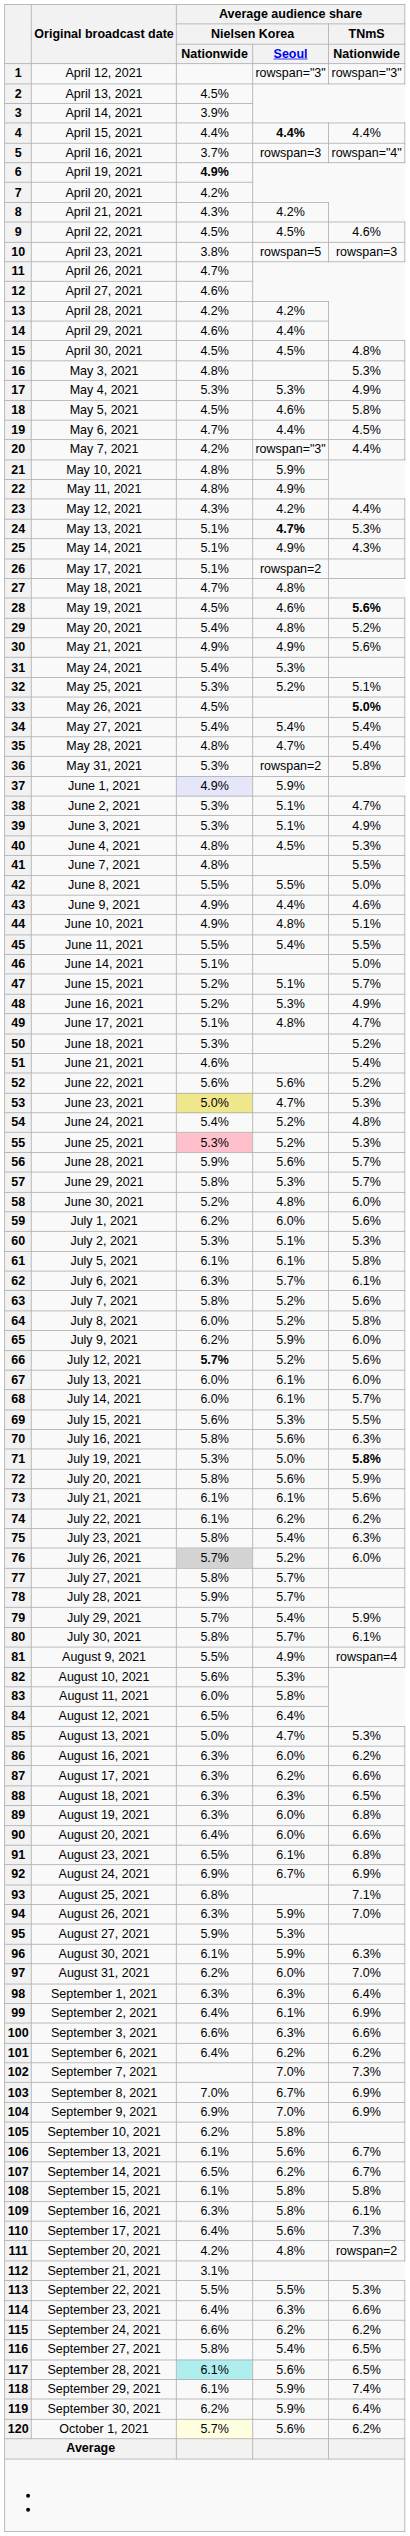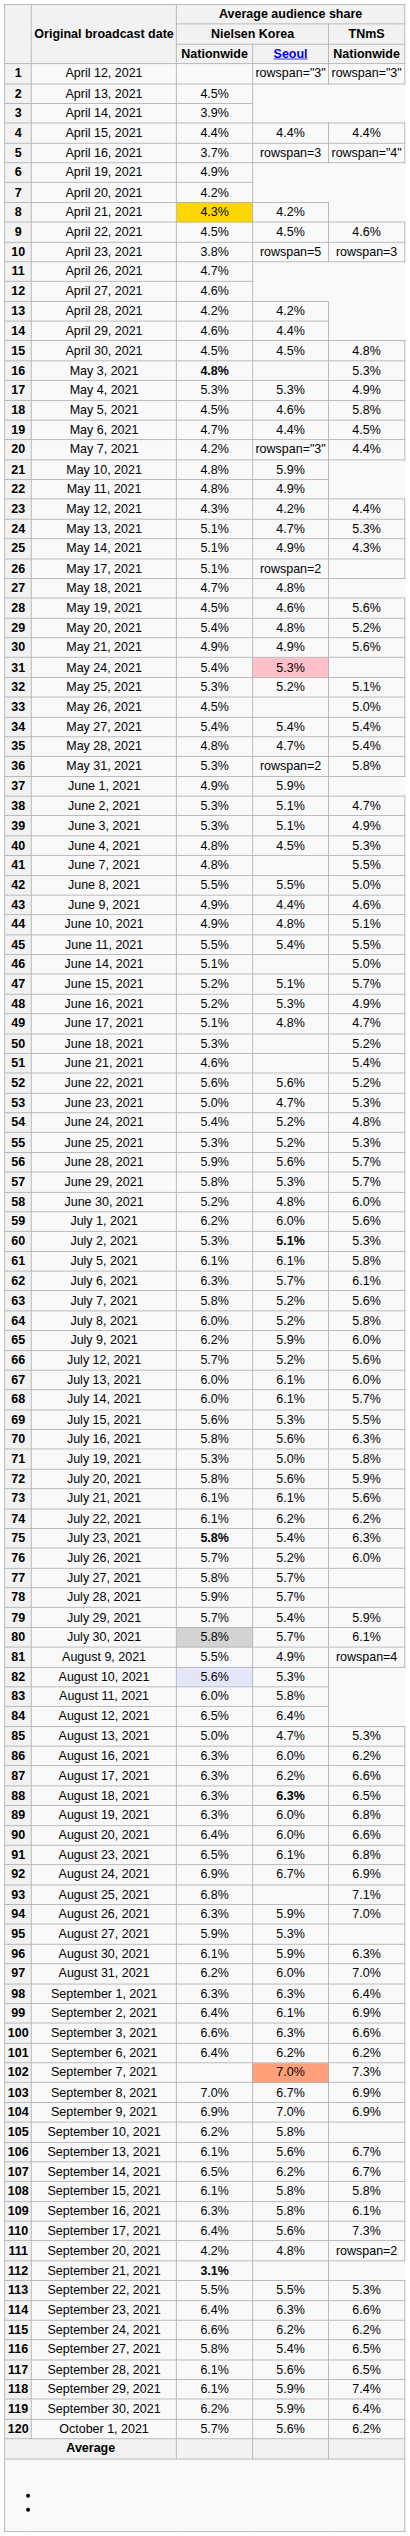 <table class="wikitable" style="text-align:center;max-width:650px; margin-left: auto; margin-right: auto; border: none;">
 <tr>
 <th rowspan="3"></th>
 <th rowspan="3">Original broadcast date</th>
 <th colspan="3">Average audience share</th>
 </tr>
 <tr>
 <th colspan="2">Nielsen Korea</th>
 <th>TNmS</th>
 </tr>
 <tr>
 <th width="90">Nationwide</th>
 <th width="90"><a href='#'>Seoul</a></th>
 <th width="90">Nationwide</th>
 </tr>
 <tr>
 <th>1</th>
 <td>April 12, 2021</td>
 <td></td>
 <td>rowspan="3" </td>
 <td>rowspan="3" </td>
 </tr>
 <tr>
 <th>2</th>
 <td>April 13, 2021</td>
 <td>4.5%</td>
 </tr>
 <tr>
 <th>3</th>
 <td>April 14, 2021</td>
 <td>3.9%</td>
 </tr>
 <tr>
 <th>4</th>
 <td>April 15, 2021</td>
 <td>4.4%</td>
-<td><strong>4.4%</strong></td>
+<td>4.4%</td>
 <td>4.4%</td>
 </tr>
 <tr>
 <th>5</th>
 <td>April 16, 2021</td>
 <td>3.7%</td>
 <td>rowspan=3 </td>
 <td>rowspan="4" </td>
 </tr>
 <tr>
 <th>6</th>
 <td>April 19, 2021</td>
-<td><strong>4.9%</strong></td>
+<td>4.9%</td>
 </tr>
 <tr>
 <th>7</th>
 <td>April 20, 2021</td>
 <td>4.2%</td>
 </tr>
 <tr>
 <th>8</th>
 <td>April 21, 2021</td>
-<td>4.3%</td>
+<td style="background: gold;">4.3%</td>
 <td>4.2%</td>
 </tr>
 <tr>
 <th>9</th>
 <td>April 22, 2021</td>
 <td>4.5%</td>
 <td>4.5%</td>
 <td>4.6%</td>
 </tr>
 <tr>
 <th>10</th>
 <td>April 23, 2021</td>
 <td>3.8%</td>
 <td>rowspan=5 </td>
 <td>rowspan=3 </td>
 </tr>
 <tr>
 <th>11</th>
 <td>April 26, 2021</td>
 <td>4.7%</td>
 </tr>
 <tr>
 <th>12</th>
 <td>April 27, 2021</td>
 <td>4.6%</td>
 </tr>
 <tr>
 <th>13</th>
 <td>April 28, 2021</td>
 <td>4.2%</td>
 <td>4.2%</td>
 </tr>
 <tr>
 <th>14</th>
 <td>April 29, 2021</td>
 <td>4.6%</td>
 <td>4.4%</td>
 </tr>
 <tr>
 <th>15</th>
 <td>April 30, 2021</td>
 <td>4.5%</td>
 <td>4.5%</td>
 <td>4.8%</td>
 </tr>
 <tr>
 <th>16</th>
 <td>May 3, 2021</td>
-<td>4.8%</td>
+<td><strong>4.8%</strong></td>
 <td></td>
 <td>5.3%</td>
 </tr>
 <tr>
 <th>17</th>
 <td>May 4, 2021</td>
 <td>5.3%</td>
 <td>5.3%</td>
 <td>4.9%</td>
 </tr>
 <tr>
 <th>18</th>
 <td>May 5, 2021</td>
 <td>4.5%</td>
 <td>4.6%</td>
 <td>5.8%</td>
 </tr>
 <tr>
 <th>19</th>
 <td>May 6, 2021</td>
 <td>4.7%</td>
 <td>4.4%</td>
 <td>4.5%</td>
 </tr>
 <tr>
 <th>20</th>
 <td>May 7, 2021</td>
 <td>4.2%</td>
 <td>rowspan="3" </td>
 <td>4.4%</td>
 </tr>
 <tr>
 <th>21</th>
 <td>May 10, 2021</td>
 <td>4.8%</td>
 <td>5.9%</td>
 </tr>
 <tr>
 <th>22</th>
 <td>May 11, 2021</td>
 <td>4.8%</td>
 <td>4.9%</td>
 </tr>
 <tr>
 <th>23</th>
 <td>May 12, 2021</td>
 <td>4.3%</td>
 <td>4.2%</td>
 <td>4.4%</td>
 </tr>
 <tr>
 <th>24</th>
 <td>May 13, 2021</td>
 <td>5.1%</td>
-<td><strong>4.7%</strong></td>
+<td>4.7%</td>
 <td>5.3%</td>
 </tr>
 <tr>
 <th>25</th>
 <td>May 14, 2021</td>
 <td>5.1%</td>
 <td>4.9%</td>
 <td>4.3%</td>
 </tr>
 <tr>
 <th>26</th>
 <td>May 17, 2021</td>
 <td>5.1%</td>
 <td>rowspan=2 </td>
 <td></td>
 </tr>
 <tr>
 <th>27</th>
 <td>May 18, 2021</td>
 <td>4.7%</td>
 <td>4.8%</td>
 </tr>
 <tr>
 <th>28</th>
 <td>May 19, 2021</td>
 <td>4.5%</td>
 <td>4.6%</td>
-<td><strong>5.6%</strong></td>
+<td>5.6%</td>
 </tr>
 <tr>
 <th>29</th>
 <td>May 20, 2021</td>
 <td>5.4%</td>
 <td>4.8%</td>
 <td>5.2%</td>
 </tr>
 <tr>
 <th>30</th>
 <td>May 21, 2021</td>
 <td>4.9%</td>
 <td>4.9%</td>
 <td>5.6%</td>
 </tr>
 <tr>
 <th>31</th>
 <td>May 24, 2021</td>
 <td>5.4%</td>
-<td>5.3%</td>
+<td style="background: pink;">5.3%</td>
 <td></td>
 </tr>
 <tr>
 <th>32</th>
 <td>May 25, 2021</td>
 <td>5.3%</td>
 <td>5.2%</td>
 <td>5.1%</td>
 </tr>
 <tr>
 <th>33</th>
 <td>May 26, 2021</td>
 <td>4.5%</td>
 <td></td>
-<td><strong>5.0%</strong></td>
+<td>5.0%</td>
 </tr>
 <tr>
 <th>34</th>
 <td>May 27, 2021</td>
 <td>5.4%</td>
 <td>5.4%</td>
 <td>5.4%</td>
 </tr>
 <tr>
 <th>35</th>
 <td>May 28, 2021</td>
 <td>4.8%</td>
 <td>4.7%</td>
 <td>5.4%</td>
 </tr>
 <tr>
 <th>36</th>
 <td>May 31, 2021</td>
 <td>5.3%</td>
 <td>rowspan=2 </td>
 <td>5.8%</td>
 </tr>
 <tr>
 <th>37</th>
 <td>June 1, 2021</td>
-<td style="background: lavender;">4.9%</td>
+<td>4.9%</td>
 <td>5.9%</td>
 </tr>
 <tr>
 <th>38</th>
 <td>June 2, 2021</td>
 <td>5.3%</td>
 <td>5.1%</td>
 <td>4.7%</td>
 </tr>
 <tr>
 <th>39</th>
 <td>June 3, 2021</td>
 <td>5.3%</td>
 <td>5.1%</td>
 <td>4.9%</td>
 </tr>
 <tr>
 <th>40</th>
 <td>June 4, 2021</td>
 <td>4.8%</td>
 <td>4.5%</td>
 <td>5.3%</td>
 </tr>
 <tr>
 <th>41</th>
 <td>June 7, 2021</td>
 <td>4.8%</td>
 <td></td>
 <td>5.5%</td>
 </tr>
 <tr>
 <th>42</th>
 <td>June 8, 2021</td>
 <td>5.5%</td>
 <td>5.5%</td>
 <td>5.0%</td>
 </tr>
 <tr>
 <th>43</th>
 <td>June 9, 2021</td>
 <td>4.9%</td>
 <td>4.4%</td>
 <td>4.6%</td>
 </tr>
 <tr>
 <th>44</th>
 <td>June 10, 2021</td>
 <td>4.9%</td>
 <td>4.8%</td>
 <td>5.1%</td>
 </tr>
 <tr>
 <th>45</th>
 <td>June 11, 2021</td>
 <td>5.5%</td>
 <td>5.4%</td>
 <td>5.5%</td>
 </tr>
 <tr>
 <th>46</th>
 <td>June 14, 2021</td>
 <td>5.1%</td>
 <td></td>
 <td>5.0%</td>
 </tr>
 <tr>
 <th>47</th>
 <td>June 15, 2021</td>
 <td>5.2%</td>
 <td>5.1%</td>
 <td>5.7%</td>
 </tr>
 <tr>
 <th>48</th>
 <td>June 16, 2021</td>
 <td>5.2%</td>
 <td>5.3%</td>
 <td>4.9%</td>
 </tr>
 <tr>
 <th>49</th>
 <td>June 17, 2021</td>
 <td>5.1%</td>
 <td>4.8%</td>
 <td>4.7%</td>
 </tr>
 <tr>
 <th>50</th>
 <td>June 18, 2021</td>
 <td>5.3%</td>
 <td></td>
 <td>5.2%</td>
 </tr>
 <tr>
 <th>51</th>
 <td>June 21, 2021</td>
 <td>4.6%</td>
 <td></td>
 <td>5.4%</td>
 </tr>
 <tr>
 <th>52</th>
 <td>June 22, 2021</td>
 <td>5.6%</td>
 <td>5.6%</td>
 <td>5.2%</td>
 </tr>
 <tr>
 <th>53</th>
 <td>June 23, 2021</td>
-<td style="background: khaki;">5.0%</td>
+<td>5.0%</td>
 <td>4.7%</td>
 <td>5.3%</td>
 </tr>
 <tr>
 <th>54</th>
 <td>June 24, 2021</td>
 <td>5.4%</td>
 <td>5.2%</td>
 <td>4.8%</td>
 </tr>
 <tr>
 <th>55</th>
 <td>June 25, 2021</td>
-<td style="background: pink;">5.3%</td>
+<td>5.3%</td>
 <td>5.2%</td>
 <td>5.3%</td>
 </tr>
 <tr>
 <th>56</th>
 <td>June 28, 2021</td>
 <td>5.9%</td>
 <td>5.6%</td>
 <td>5.7%</td>
 </tr>
 <tr>
 <th>57</th>
 <td>June 29, 2021</td>
 <td>5.8%</td>
 <td>5.3%</td>
 <td>5.7%</td>
 </tr>
 <tr>
 <th>58</th>
 <td>June 30, 2021</td>
 <td>5.2%</td>
 <td>4.8%</td>
 <td>6.0%</td>
 </tr>
 <tr>
 <th>59</th>
 <td>July 1, 2021</td>
 <td>6.2%</td>
 <td>6.0%</td>
 <td>5.6%</td>
 </tr>
 <tr>
 <th>60</th>
 <td>July 2, 2021</td>
 <td>5.3%</td>
-<td>5.1%</td>
+<td><strong>5.1%</strong></td>
 <td>5.3%</td>
 </tr>
 <tr>
 <th>61</th>
 <td>July 5, 2021</td>
 <td>6.1%</td>
 <td>6.1%</td>
 <td>5.8%</td>
 </tr>
 <tr>
 <th>62</th>
 <td>July 6, 2021</td>
 <td>6.3%</td>
 <td>5.7%</td>
 <td>6.1%</td>
 </tr>
 <tr>
 <th>63</th>
 <td>July 7, 2021</td>
 <td>5.8%</td>
 <td>5.2%</td>
 <td>5.6%</td>
 </tr>
 <tr>
 <th>64</th>
 <td>July 8, 2021</td>
 <td>6.0%</td>
 <td>5.2%</td>
 <td>5.8%</td>
 </tr>
 <tr>
 <th>65</th>
 <td>July 9, 2021</td>
 <td>6.2%</td>
 <td>5.9%</td>
 <td>6.0%</td>
 </tr>
 <tr>
 <th>66</th>
 <td>July 12, 2021</td>
-<td><strong>5.7%</strong></td>
+<td>5.7%</td>
 <td>5.2%</td>
 <td>5.6%</td>
 </tr>
 <tr>
 <th>67</th>
 <td>July 13, 2021</td>
 <td>6.0%</td>
 <td>6.1%</td>
 <td>6.0%</td>
 </tr>
 <tr>
 <th>68</th>
 <td>July 14, 2021</td>
 <td>6.0%</td>
 <td>6.1%</td>
 <td>5.7%</td>
 </tr>
 <tr>
 <th>69</th>
 <td>July 15, 2021</td>
 <td>5.6%</td>
 <td>5.3%</td>
 <td>5.5%</td>
 </tr>
 <tr>
 <th>70</th>
 <td>July 16, 2021</td>
 <td>5.8%</td>
 <td>5.6%</td>
 <td>6.3%</td>
 </tr>
 <tr>
 <th>71</th>
 <td>July 19, 2021</td>
 <td>5.3%</td>
 <td>5.0%</td>
-<td><strong>5.8%</strong></td>
+<td>5.8%</td>
 </tr>
 <tr>
 <th>72</th>
 <td>July 20, 2021</td>
 <td>5.8%</td>
 <td>5.6%</td>
 <td>5.9%</td>
 </tr>
 <tr>
 <th>73</th>
 <td>July 21, 2021</td>
 <td>6.1%</td>
 <td>6.1%</td>
 <td>5.6%</td>
 </tr>
 <tr>
 <th>74</th>
 <td>July 22, 2021</td>
 <td>6.1%</td>
 <td>6.2%</td>
 <td>6.2%</td>
 </tr>
 <tr>
 <th>75</th>
 <td>July 23, 2021</td>
-<td>5.8%</td>
+<td><strong>5.8%</strong></td>
 <td>5.4%</td>
 <td>6.3%</td>
 </tr>
 <tr>
 <th>76</th>
 <td>July 26, 2021</td>
-<td style="background: lightgrey;">5.7%</td>
+<td>5.7%</td>
 <td>5.2%</td>
 <td>6.0%</td>
 </tr>
 <tr>
 <th>77</th>
 <td>July 27, 2021</td>
 <td>5.8%</td>
 <td>5.7%</td>
 <td></td>
 </tr>
 <tr>
 <th>78</th>
 <td>July 28, 2021</td>
 <td>5.9%</td>
 <td>5.7%</td>
 <td></td>
 </tr>
 <tr>
 <th>79</th>
 <td>July 29, 2021</td>
 <td>5.7%</td>
 <td>5.4%</td>
 <td>5.9%</td>
 </tr>
 <tr>
 <th>80</th>
 <td>July 30, 2021</td>
-<td>5.8%</td>
+<td style="background: lightgrey;">5.8%</td>
 <td>5.7%</td>
 <td>6.1%</td>
 </tr>
 <tr>
 <th>81</th>
 <td>August 9, 2021</td>
 <td>5.5%</td>
 <td>4.9%</td>
 <td>rowspan=4 </td>
 </tr>
 <tr>
 <th>82</th>
 <td>August 10, 2021</td>
-<td>5.6%</td>
+<td style="background: lavender;">5.6%</td>
 <td>5.3%</td>
 </tr>
 <tr>
 <th>83</th>
 <td>August 11, 2021</td>
 <td>6.0%</td>
 <td>5.8%</td>
 </tr>
 <tr>
 <th>84</th>
 <td>August 12, 2021</td>
 <td>6.5%</td>
 <td>6.4%</td>
 </tr>
 <tr>
 <th>85</th>
 <td>August 13, 2021</td>
 <td>5.0%</td>
 <td>4.7%</td>
 <td>5.3%</td>
 </tr>
 <tr>
 <th>86</th>
 <td>August 16, 2021</td>
 <td>6.3%</td>
 <td>6.0%</td>
 <td>6.2%</td>
 </tr>
 <tr>
 <th>87</th>
 <td>August 17, 2021</td>
 <td>6.3%</td>
 <td>6.2%</td>
 <td>6.6%</td>
 </tr>
 <tr>
 <th>88</th>
 <td>August 18, 2021</td>
 <td>6.3%</td>
-<td>6.3%</td>
+<td><strong>6.3%</strong></td>
 <td>6.5%</td>
 </tr>
 <tr>
 <th>89</th>
 <td>August 19, 2021</td>
 <td>6.3%</td>
 <td>6.0%</td>
 <td>6.8%</td>
 </tr>
 <tr>
 <th>90</th>
 <td>August 20, 2021</td>
 <td>6.4%</td>
 <td>6.0%</td>
 <td>6.6%</td>
 </tr>
 <tr>
 <th>91</th>
 <td>August 23, 2021</td>
 <td>6.5%</td>
 <td>6.1%</td>
 <td>6.8%</td>
 </tr>
 <tr>
 <th>92</th>
 <td>August 24, 2021</td>
 <td>6.9%</td>
 <td>6.7%</td>
 <td>6.9%</td>
 </tr>
 <tr>
 <th>93</th>
 <td>August 25, 2021</td>
 <td>6.8%</td>
 <td></td>
 <td>7.1%</td>
 </tr>
 <tr>
 <th>94</th>
 <td>August 26, 2021</td>
 <td>6.3%</td>
 <td>5.9%</td>
 <td>7.0%</td>
 </tr>
 <tr>
 <th>95</th>
 <td>August 27, 2021</td>
 <td>5.9%</td>
 <td>5.3%</td>
 <td></td>
 </tr>
 <tr>
 <th>96</th>
 <td>August 30, 2021</td>
 <td>6.1%</td>
 <td>5.9%</td>
 <td>6.3%</td>
 </tr>
 <tr>
 <th>97</th>
 <td>August 31, 2021</td>
 <td>6.2%</td>
 <td>6.0%</td>
 <td>7.0%</td>
 </tr>
 <tr>
 <th>98</th>
 <td>September 1, 2021</td>
 <td>6.3%</td>
 <td>6.3%</td>
 <td>6.4%</td>
 </tr>
 <tr>
 <th>99</th>
 <td>September 2, 2021</td>
 <td>6.4%</td>
 <td>6.1%</td>
 <td>6.9%</td>
 </tr>
 <tr>
 <th>100</th>
 <td>September 3, 2021</td>
 <td>6.6%</td>
 <td>6.3%</td>
 <td>6.6%</td>
 </tr>
 <tr>
 <th>101</th>
 <td>September 6, 2021</td>
 <td>6.4%</td>
 <td>6.2%</td>
 <td>6.2%</td>
 </tr>
 <tr>
 <th>102</th>
 <td>September 7, 2021</td>
 <td></td>
-<td>7.0%</td>
+<td style="background: lightsalmon;">7.0%</td>
 <td>7.3%</td>
 </tr>
 <tr>
 <th>103</th>
 <td>September 8, 2021</td>
 <td>7.0%</td>
 <td>6.7%</td>
 <td>6.9%</td>
 </tr>
 <tr>
 <th>104</th>
 <td>September 9, 2021</td>
 <td>6.9%</td>
 <td>7.0%</td>
 <td>6.9%</td>
 </tr>
 <tr>
 <th>105</th>
 <td>September 10, 2021</td>
 <td>6.2%</td>
 <td>5.8%</td>
 <td></td>
 </tr>
 <tr>
 <th>106</th>
 <td>September 13, 2021</td>
 <td>6.1%</td>
 <td>5.6%</td>
 <td>6.7%</td>
 </tr>
 <tr>
 <th>107</th>
 <td>September 14, 2021</td>
 <td>6.5%</td>
 <td>6.2%</td>
 <td>6.7%</td>
 </tr>
 <tr>
 <th>108</th>
 <td>September 15, 2021</td>
 <td>6.1%</td>
 <td>5.8%</td>
 <td>5.8%</td>
 </tr>
 <tr>
 <th>109</th>
 <td>September 16, 2021</td>
 <td>6.3%</td>
 <td>5.8%</td>
 <td>6.1%</td>
 </tr>
 <tr>
 <th>110</th>
 <td>September 17, 2021</td>
 <td>6.4%</td>
 <td>5.6%</td>
 <td>7.3%</td>
 </tr>
 <tr>
 <th>111</th>
 <td>September 20, 2021</td>
 <td>4.2%</td>
 <td>4.8%</td>
 <td>rowspan=2</td>
 </tr>
 <tr>
 <th>112</th>
 <td>September 21, 2021</td>
-<td>3.1%</td>
+<td><strong>3.1%</strong></td>
 <td></td>
 </tr>
 <tr>
 <th>113</th>
 <td>September 22, 2021</td>
 <td>5.5%</td>
 <td>5.5%</td>
 <td>5.3%</td>
 </tr>
 <tr>
 <th>114</th>
 <td>September 23, 2021</td>
 <td>6.4%</td>
 <td>6.3%</td>
 <td>6.6%</td>
 </tr>
 <tr>
 <th>115</th>
 <td>September 24, 2021</td>
 <td>6.6%</td>
 <td>6.2%</td>
 <td>6.2%</td>
 </tr>
 <tr>
 <th>116</th>
 <td>September 27, 2021</td>
 <td>5.8%</td>
 <td>5.4%</td>
 <td>6.5%</td>
 </tr>
 <tr>
 <th>117</th>
 <td>September 28, 2021</td>
-<td style="background: paleturquoise;">6.1%</td>
+<td>6.1%</td>
 <td>5.6%</td>
 <td>6.5%</td>
 </tr>
 <tr>
 <th>118</th>
 <td>September 29, 2021</td>
 <td>6.1%</td>
 <td>5.9%</td>
 <td>7.4%</td>
 </tr>
 <tr>
 <th>119</th>
 <td>September 30, 2021</td>
 <td>6.2%</td>
 <td>5.9%</td>
 <td>6.4%</td>
 </tr>
 <tr>
 <th>120</th>
 <td>October 1, 2021</td>
-<td style="background: lightyellow;">5.7%</td>
+<td>5.7%</td>
 <td>5.6%</td>
 <td>6.2%</td>
 </tr>
 <tr>
 <th colspan="2">Average</th>
 <th></th>
 <th></th>
 <th></th>
 </tr>
 <tr>
 <td colspan="5"><br><ul><li></li><li></li></ul></td>
 </tr>
 <tr>
 </tr>
 </table>
